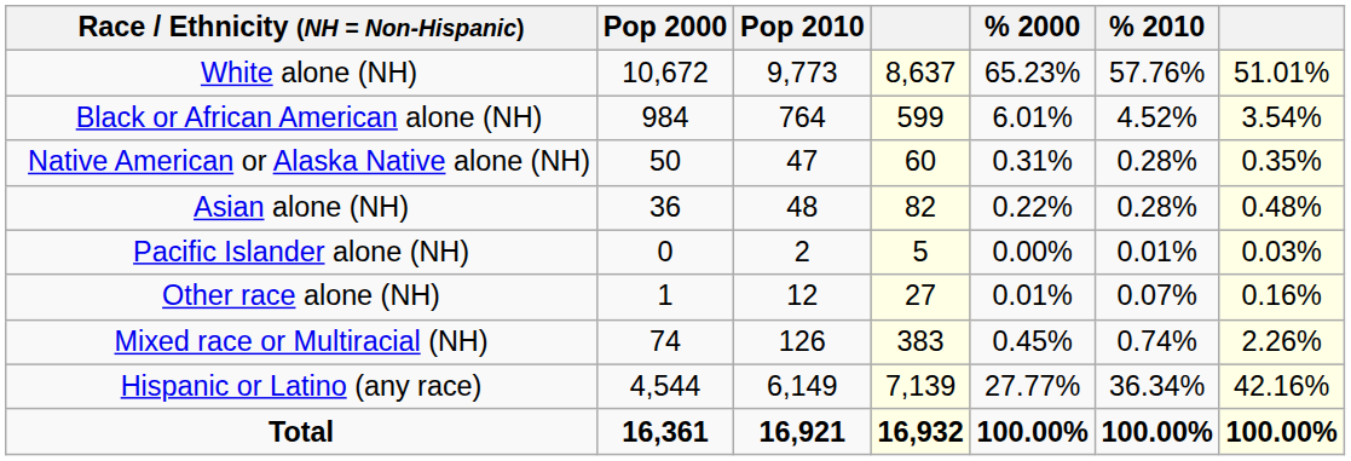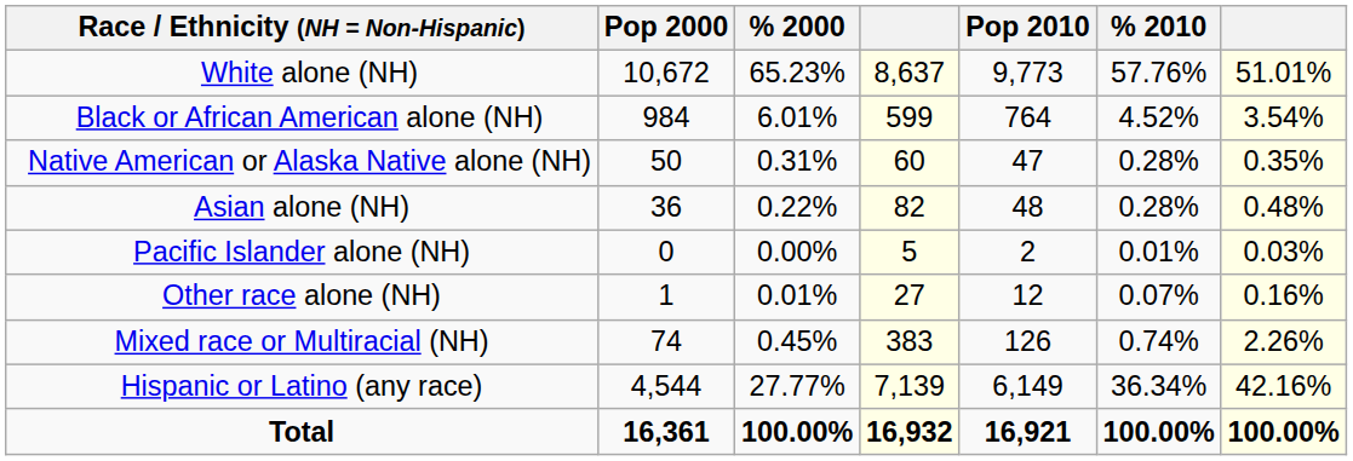 <table class="wikitable" style="text-align:center;">
 <tr>
 <th>Race / Ethnicity <small>(<em>NH = Non-Hispanic</em>)</small></th>
 <th>Pop 2000</th>
+<th>% 2000</th>
+<th></th>
 <th>Pop 2010</th>
-<th></th>
-<th>% 2000</th>
 <th>% 2010</th>
 <th></th>
 </tr>
 <tr>
 <td>  <a href='#'>White</a> alone (NH)</td>
 <td>10,672</td>
+<td>65.23%</td>
+<td style='background: #ffffe6;'>8,637</td>
 <td>9,773</td>
-<td style='background: #ffffe6;'>8,637</td>
-<td>65.23%</td>
 <td>57.76%</td>
 <td style='background: #ffffe6;'>51.01%</td>
 </tr>
 <tr>
 <td>  <a href='#'>Black or African American</a> alone (NH)</td>
 <td>984</td>
+<td>6.01%</td>
+<td style='background: #ffffe6;'>599</td>
 <td>764</td>
-<td style='background: #ffffe6;'>599</td>
-<td>6.01%</td>
 <td>4.52%</td>
 <td style='background: #ffffe6;'>3.54%</td>
 </tr>
 <tr>
 <td>  <a href='#'>Native American</a> or <a href='#'>Alaska Native</a> alone (NH)</td>
 <td>50</td>
+<td>0.31%</td>
+<td style='background: #ffffe6;'>60</td>
 <td>47</td>
-<td style='background: #ffffe6;'>60</td>
-<td>0.31%</td>
 <td>0.28%</td>
 <td style='background: #ffffe6;'>0.35%</td>
 </tr>
 <tr>
 <td><a href='#'>Asian</a> alone (NH)</td>
 <td>36</td>
+<td>0.22%</td>
+<td style='background: #ffffe6;'>82</td>
 <td>48</td>
-<td style='background: #ffffe6;'>82</td>
-<td>0.22%</td>
 <td>0.28%</td>
 <td style='background: #ffffe6;'>0.48%</td>
 </tr>
 <tr>
 <td><a href='#'>Pacific Islander</a> alone (NH)</td>
 <td>0</td>
+<td>0.00%</td>
+<td style='background: #ffffe6;'>5</td>
 <td>2</td>
-<td style='background: #ffffe6;'>5</td>
-<td>0.00%</td>
 <td>0.01%</td>
 <td style='background: #ffffe6;'>0.03%</td>
 </tr>
 <tr>
 <td><a href='#'>Other race</a> alone (NH)</td>
 <td>1</td>
+<td>0.01%</td>
+<td style='background: #ffffe6;'>27</td>
 <td>12</td>
-<td style='background: #ffffe6;'>27</td>
-<td>0.01%</td>
 <td>0.07%</td>
 <td style='background: #ffffe6;'>0.16%</td>
 </tr>
 <tr>
 <td><a href='#'>Mixed race or Multiracial</a> (NH)</td>
 <td>74</td>
+<td>0.45%</td>
+<td style='background: #ffffe6;'>383</td>
 <td>126</td>
-<td style='background: #ffffe6;'>383</td>
-<td>0.45%</td>
 <td>0.74%</td>
 <td style='background: #ffffe6;'>2.26%</td>
 </tr>
 <tr>
 <td><a href='#'>Hispanic or Latino</a> (any race)</td>
 <td>4,544</td>
+<td>27.77%</td>
+<td style='background: #ffffe6;'>7,139</td>
 <td>6,149</td>
-<td style='background: #ffffe6;'>7,139</td>
-<td>27.77%</td>
 <td>36.34%</td>
 <td style='background: #ffffe6;'>42.16%</td>
 </tr>
 <tr>
 <td><strong>Total</strong></td>
 <td><strong>16,361</strong></td>
+<td><strong>100.00%</strong></td>
+<td style='background: #ffffe6;'><strong>16,932</strong></td>
 <td><strong>16,921</strong></td>
-<td style='background: #ffffe6;'><strong>16,932</strong></td>
-<td><strong>100.00%</strong></td>
 <td><strong>100.00%</strong></td>
 <td style='background: #ffffe6;'><strong>100.00%</strong></td>
 </tr>
 </table>
